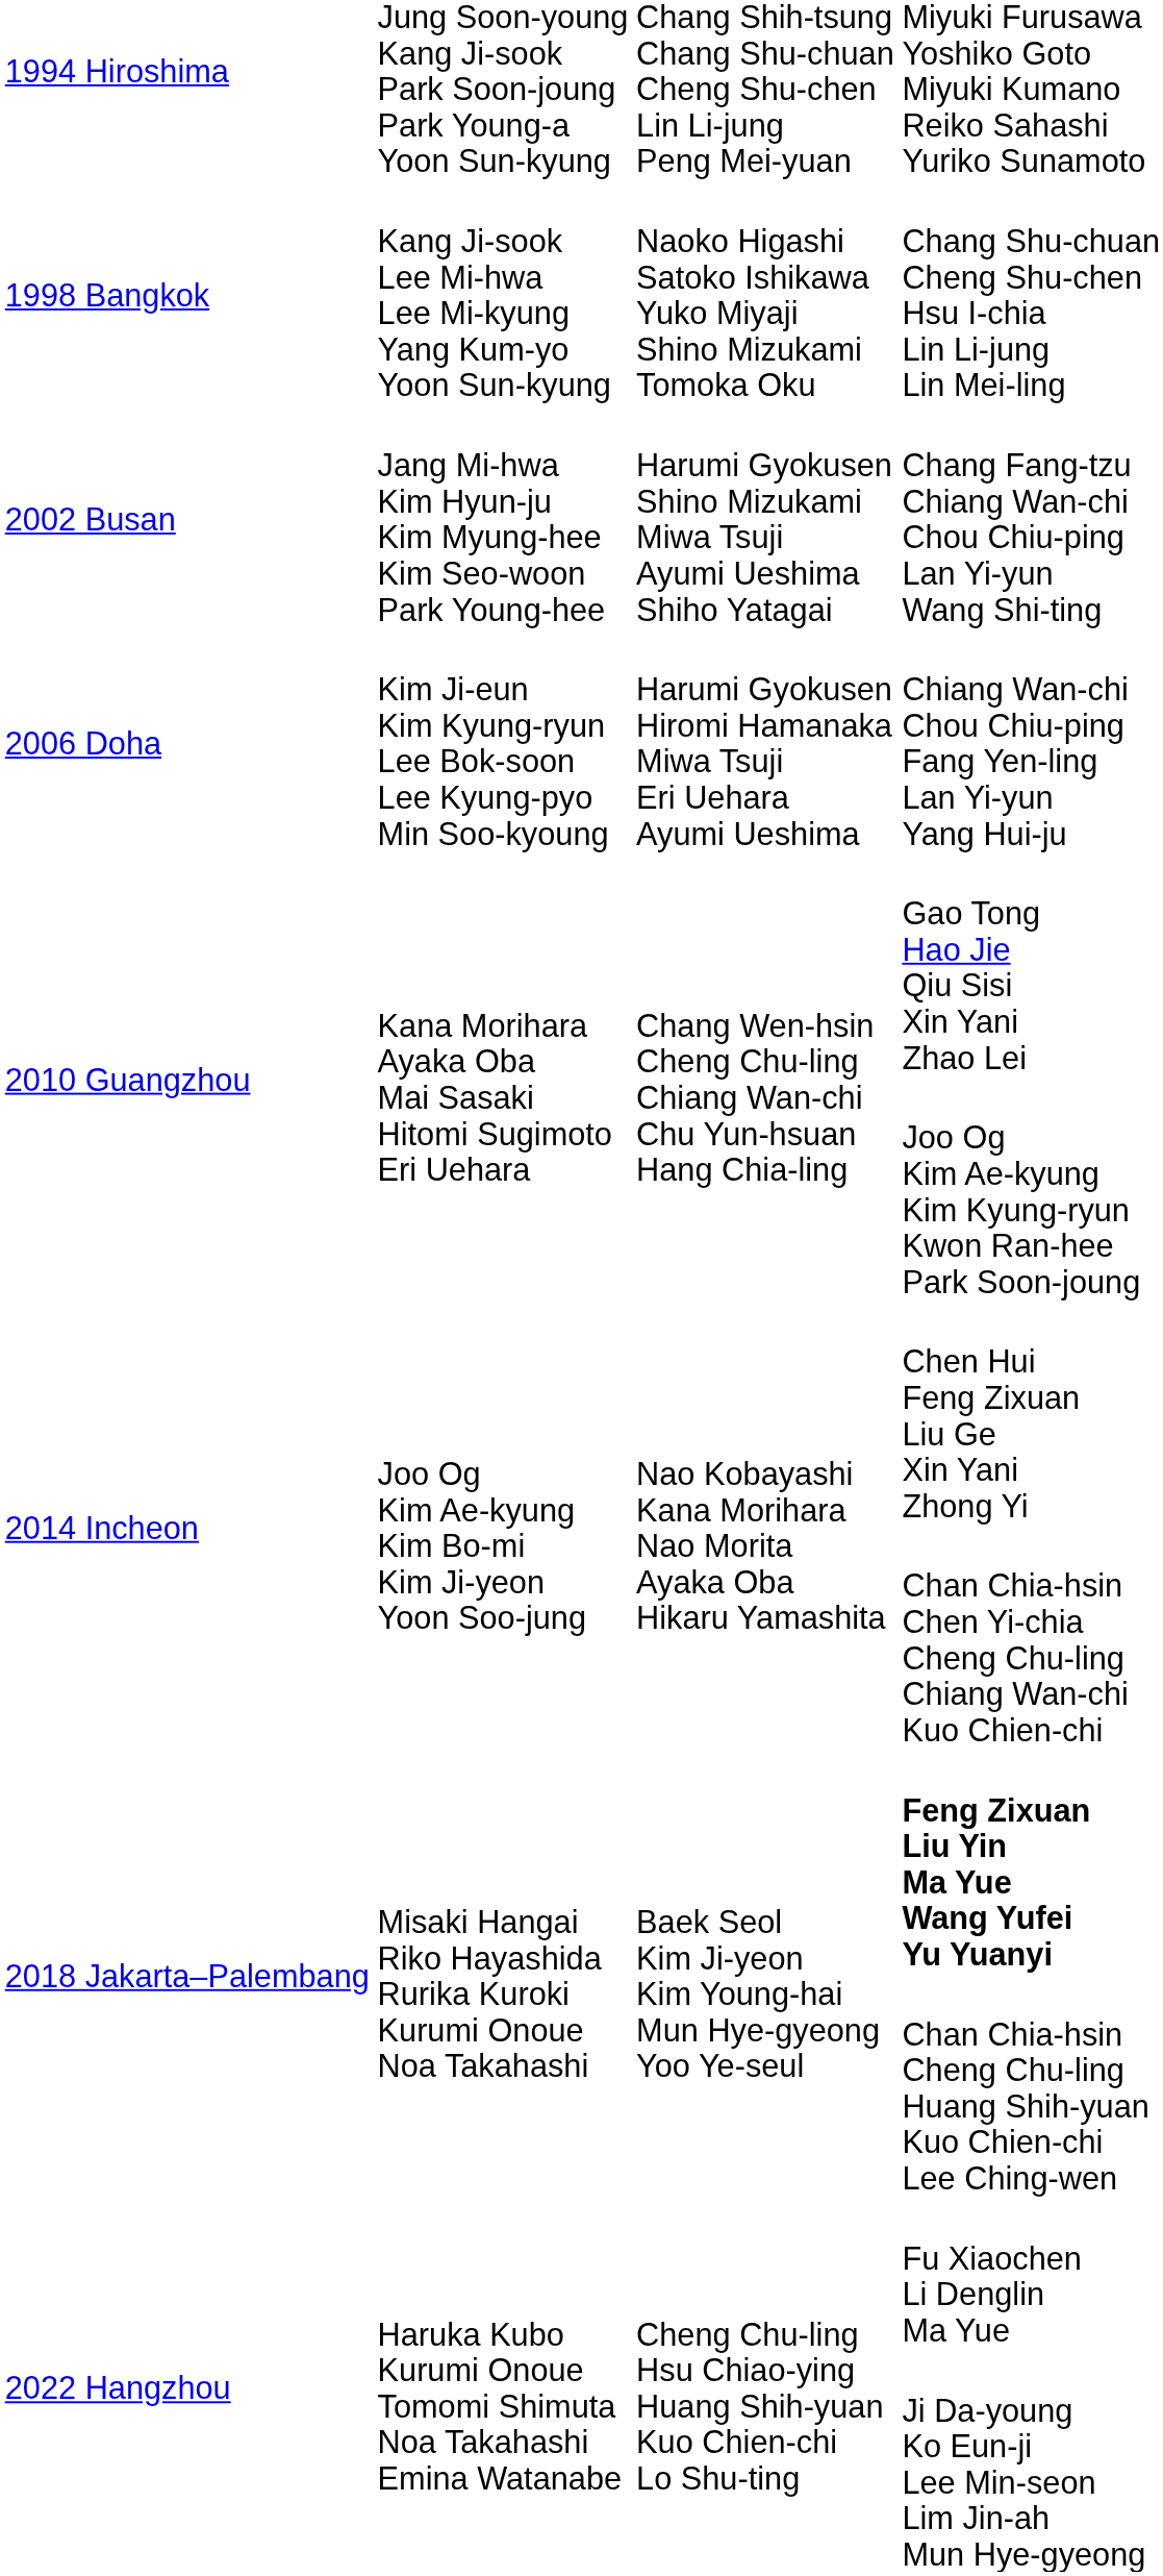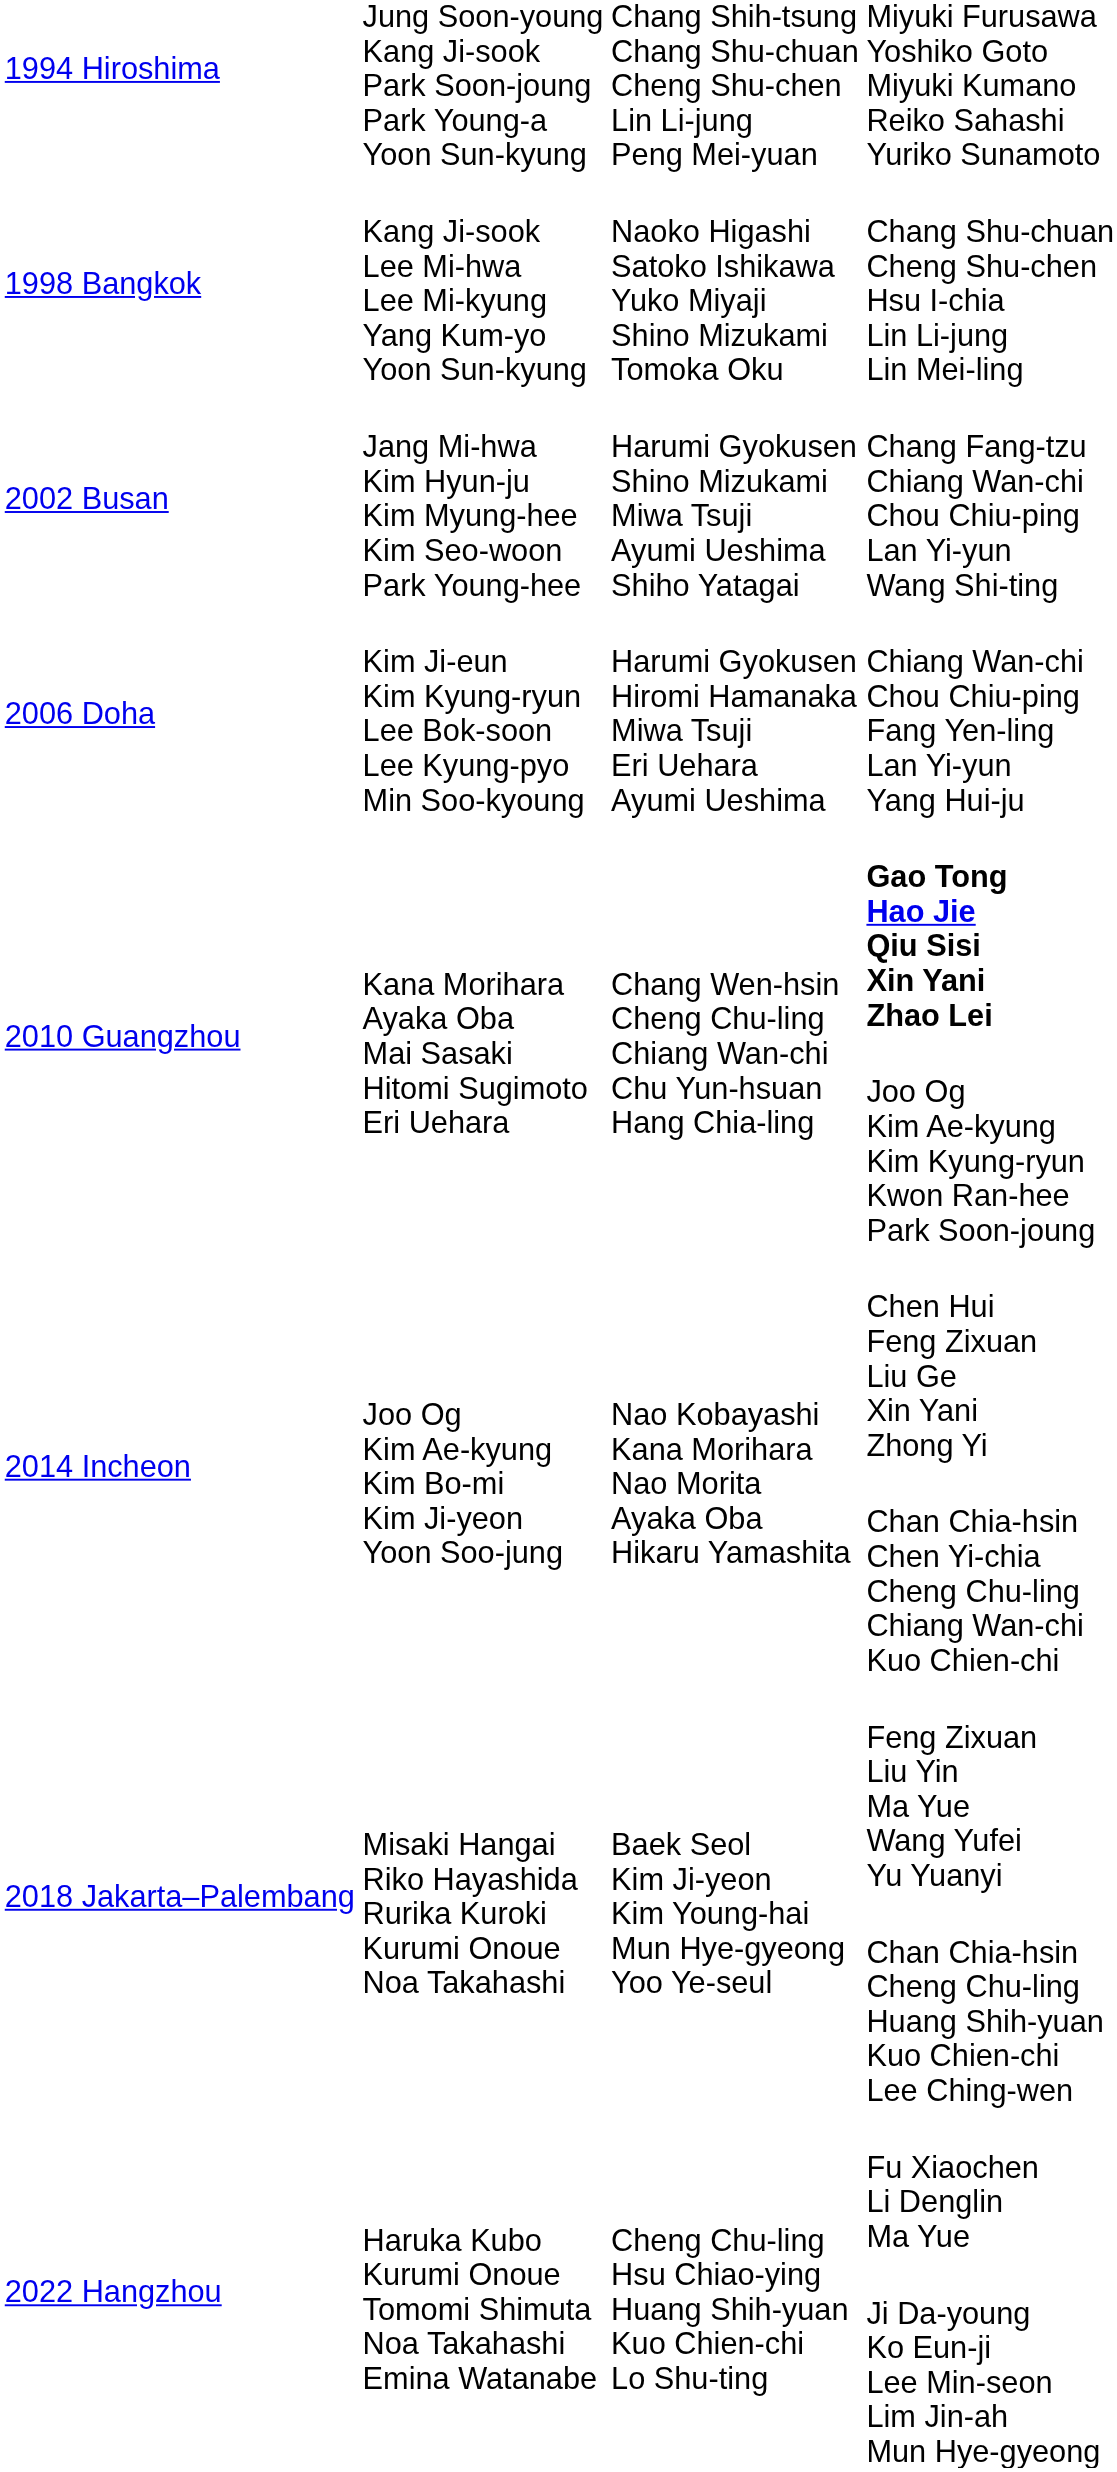 <table>
 <tr>
 <td><a href='#'>1994 Hiroshima</a></td>
 <td><br>Jung Soon-young<br>Kang Ji-sook<br>Park Soon-joung<br>Park Young-a<br>Yoon Sun-kyung</td>
 <td><br>Chang Shih-tsung<br>Chang Shu-chuan<br>Cheng Shu-chen<br>Lin Li-jung<br>Peng Mei-yuan</td>
 <td><br>Miyuki Furusawa<br>Yoshiko Goto<br>Miyuki Kumano<br>Reiko Sahashi<br>Yuriko Sunamoto</td>
 </tr>
 <tr>
 <td><a href='#'>1998 Bangkok</a></td>
 <td><br>Kang Ji-sook<br>Lee Mi-hwa<br>Lee Mi-kyung<br>Yang Kum-yo<br>Yoon Sun-kyung</td>
 <td><br>Naoko Higashi<br>Satoko Ishikawa<br>Yuko Miyaji<br>Shino Mizukami<br>Tomoka Oku</td>
 <td><br>Chang Shu-chuan<br>Cheng Shu-chen<br>Hsu I-chia<br>Lin Li-jung<br>Lin Mei-ling</td>
 </tr>
 <tr>
 <td><a href='#'>2002 Busan</a></td>
 <td><br>Jang Mi-hwa<br>Kim Hyun-ju<br>Kim Myung-hee<br>Kim Seo-woon<br>Park Young-hee</td>
 <td><br>Harumi Gyokusen<br>Shino Mizukami<br>Miwa Tsuji<br>Ayumi Ueshima<br>Shiho Yatagai</td>
 <td><br>Chang Fang-tzu<br>Chiang Wan-chi<br>Chou Chiu-ping<br>Lan Yi-yun<br>Wang Shi-ting</td>
 </tr>
 <tr>
 <td><a href='#'>2006 Doha</a></td>
 <td><br>Kim Ji-eun<br>Kim Kyung-ryun<br>Lee Bok-soon<br>Lee Kyung-pyo<br>Min Soo-kyoung</td>
 <td><br>Harumi Gyokusen<br>Hiromi Hamanaka<br>Miwa Tsuji<br>Eri Uehara<br>Ayumi Ueshima</td>
 <td><br>Chiang Wan-chi<br>Chou Chiu-ping<br>Fang Yen-ling<br>Lan Yi-yun<br>Yang Hui-ju</td>
 </tr>
 <tr>
 <td rowspan=2><a href='#'>2010 Guangzhou</a></td>
 <td rowspan=2><br>Kana Morihara<br>Ayaka Oba<br>Mai Sasaki<br>Hitomi Sugimoto<br>Eri Uehara</td>
 <td rowspan=2><br>Chang Wen-hsin<br>Cheng Chu-ling<br>Chiang Wan-chi<br>Chu Yun-hsuan<br>Hang Chia-ling</td>
-<td><br>Gao Tong<br><a href='#'>Hao Jie</a><br>Qiu Sisi<br>Xin Yani<br>Zhao Lei</td>
+<td><strong><br>Gao Tong<br><a href='#'>Hao Jie</a><br>Qiu Sisi<br>Xin Yani<br>Zhao Lei</strong></td>
 </tr>
 <tr>
 <td><br>Joo Og<br>Kim Ae-kyung<br>Kim Kyung-ryun<br>Kwon Ran-hee<br>Park Soon-joung</td>
 </tr>
 <tr>
 <td rowspan=2><a href='#'>2014 Incheon</a></td>
 <td rowspan=2><br>Joo Og<br>Kim Ae-kyung<br>Kim Bo-mi<br>Kim Ji-yeon<br>Yoon Soo-jung</td>
 <td rowspan=2><br>Nao Kobayashi<br>Kana Morihara<br>Nao Morita<br>Ayaka Oba<br>Hikaru Yamashita</td>
 <td><br>Chen Hui<br>Feng Zixuan<br>Liu Ge<br>Xin Yani<br>Zhong Yi</td>
 </tr>
 <tr>
 <td><br>Chan Chia-hsin<br>Chen Yi-chia<br>Cheng Chu-ling<br>Chiang Wan-chi<br>Kuo Chien-chi</td>
 </tr>
 <tr>
 <td rowspan=2><a href='#'>2018 Jakarta–Palembang</a></td>
 <td rowspan=2><br>Misaki Hangai<br>Riko Hayashida<br>Rurika Kuroki<br>Kurumi Onoue<br>Noa Takahashi</td>
 <td rowspan=2><br>Baek Seol<br>Kim Ji-yeon<br>Kim Young-hai<br>Mun Hye-gyeong<br>Yoo Ye-seul</td>
-<td><strong><br>Feng Zixuan<br>Liu Yin<br>Ma Yue<br>Wang Yufei<br>Yu Yuanyi</strong></td>
+<td><br>Feng Zixuan<br>Liu Yin<br>Ma Yue<br>Wang Yufei<br>Yu Yuanyi</td>
 </tr>
 <tr>
 <td><br>Chan Chia-hsin<br>Cheng Chu-ling<br>Huang Shih-yuan<br>Kuo Chien-chi<br>Lee Ching-wen</td>
 </tr>
 <tr>
 <td rowspan=2><a href='#'>2022 Hangzhou</a></td>
 <td rowspan=2><br>Haruka Kubo<br>Kurumi Onoue<br>Tomomi Shimuta<br>Noa Takahashi<br>Emina Watanabe</td>
 <td rowspan=2><br>Cheng Chu-ling<br>Hsu Chiao-ying<br>Huang Shih-yuan<br>Kuo Chien-chi<br>Lo Shu-ting</td>
 <td><br>Fu Xiaochen<br>Li Denglin<br>Ma Yue</td>
 </tr>
 <tr>
 <td><br>Ji Da-young<br>Ko Eun-ji<br>Lee Min-seon<br>Lim Jin-ah<br>Mun Hye-gyeong</td>
 </tr>
 </table>
